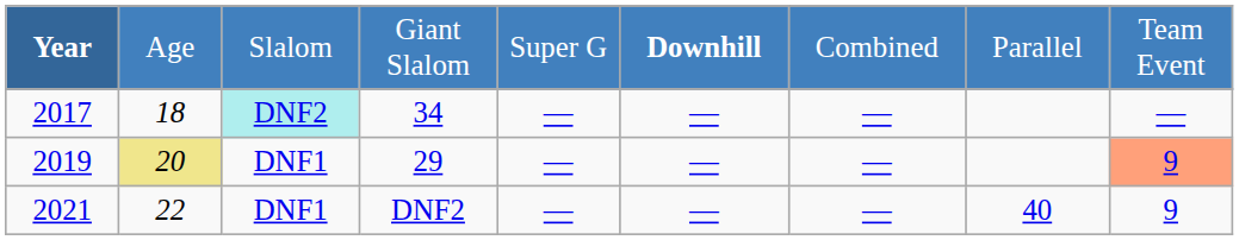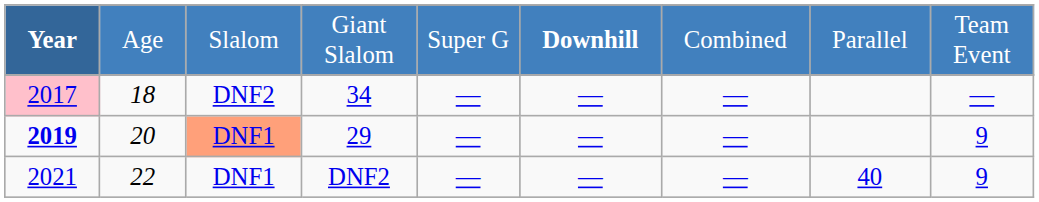 <table class="wikitable" style="font-size:95%; text-align:center; border:grey solid 1px; border-collapse:collapse;" width="50%">
 <tr style="background-color:#369; color:white;">
 <td rowspan="2" colspan="1" width="5%"><strong>Year</strong></td>
 </tr>
 <tr style="background-color:#4180be; color:white;">
 <td width="5%">Age</td>
 <td width="5%">Slalom</td>
 <td width="5%">Giant<br>Slalom</td>
 <td width="5%">Super G</td>
 <td width="5%"><strong>Downhill</strong></td>
 <td width="5%">Combined</td>
 <td width="5%">Parallel</td>
 <td width="5%">Team Event</td>
 </tr>
 <tr style="background-color:#8CB2D8; color:white;">
 </tr>
 <tr>
-<td><a href='#'>2017</a></td>
+<td style="background: pink;"><a href='#'>2017</a></td>
 <td><em>18</em></td>
-<td style="background: paleturquoise;"><a href='#'>DNF2</a></td>
+<td><a href='#'>DNF2</a></td>
 <td><a href='#'>34</a></td>
 <td><a href='#'>—</a></td>
 <td><a href='#'>—</a></td>
 <td><a href='#'>—</a></td>
 <td></td>
 <td><a href='#'>—</a></td>
 </tr>
 <tr>
-<td><a href='#'>2019</a></td>
-<td style="background: khaki;"><em>20</em></td>
-<td><a href='#'>DNF1</a></td>
+<td><strong><a href='#'>2019</a></strong></td>
+<td><em>20</em></td>
+<td style="background: lightsalmon;"><a href='#'>DNF1</a></td>
 <td><a href='#'>29</a></td>
 <td><a href='#'>—</a></td>
 <td><a href='#'>—</a></td>
 <td><a href='#'>—</a></td>
 <td></td>
-<td style="background: lightsalmon;"><a href='#'>9</a></td>
+<td><a href='#'>9</a></td>
 </tr>
 <tr>
 <td><a href='#'>2021</a></td>
 <td><em>22</em></td>
 <td><a href='#'>DNF1</a></td>
 <td><a href='#'>DNF2</a></td>
 <td><a href='#'>—</a></td>
 <td><a href='#'>—</a></td>
 <td><a href='#'>—</a></td>
 <td><a href='#'>40</a></td>
 <td><a href='#'>9</a></td>
 </tr>
 </table>
